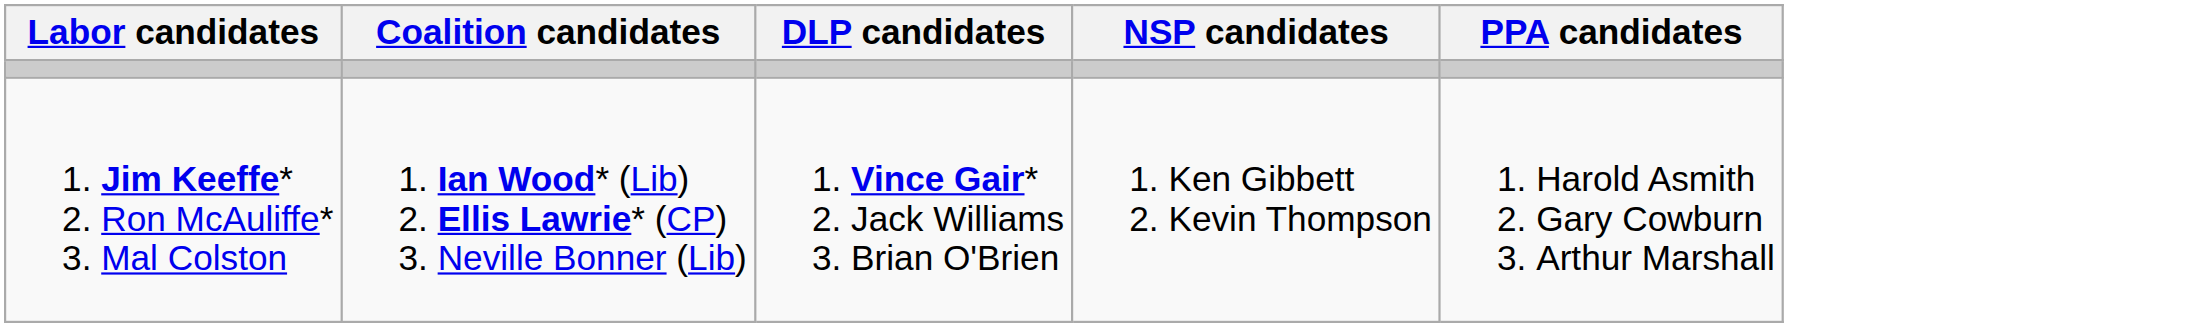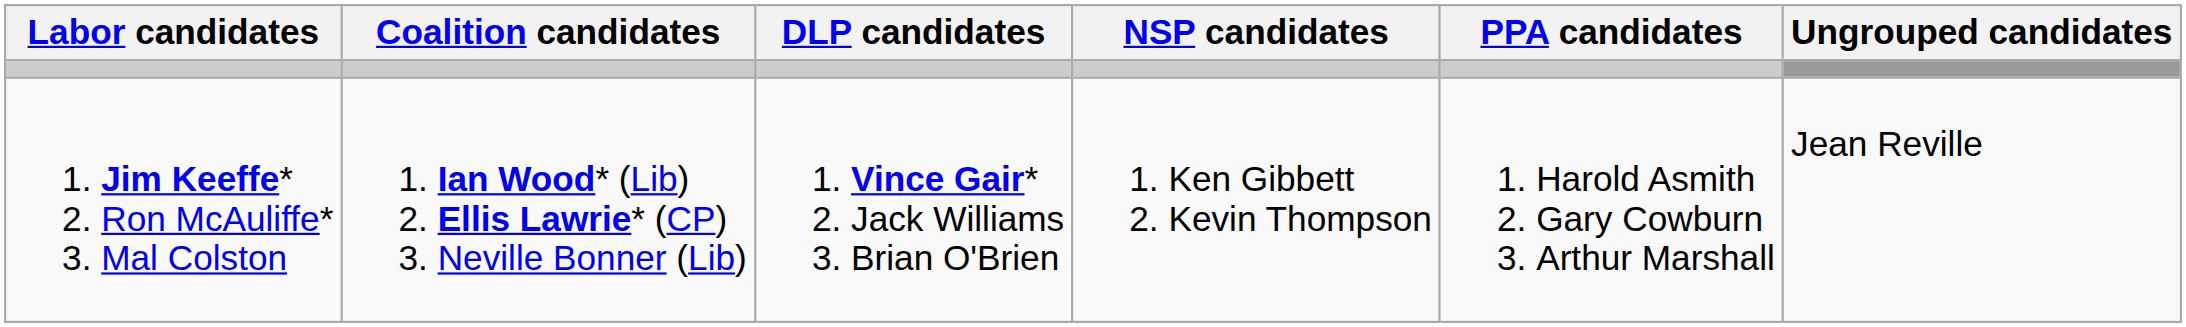 <table class="wikitable">
 <tr>
 <th><a href='#'>Labor</a> candidates</th>
 <th><a href='#'>Coalition</a> candidates</th>
 <th><a href='#'>DLP</a> candidates</th>
 <th><a href='#'>NSP</a> candidates</th>
 <th><a href='#'>PPA</a> candidates</th>
+<th>Ungrouped candidates</th>
 </tr>
 <tr bgcolor="#cccccc">
 <td></td>
 <td></td>
 <td></td>
 <td></td>
 <td></td>
+<td bgcolor="#999999"></td>
 </tr>
 <tr>
 <td><br><ol><li><strong><a href='#'>Jim Keeffe</a></strong>*</li><li><a href='#'>Ron McAuliffe</a>*</li><li><a href='#'>Mal Colston</a></li></ol></td>
 <td><br><ol><li><strong><a href='#'>Ian Wood</a></strong>* (<a href='#'>Lib</a>)</li><li><strong><a href='#'>Ellis Lawrie</a></strong>* (<a href='#'>CP</a>)</li><li><a href='#'>Neville Bonner</a> (<a href='#'>Lib</a>)</li></ol></td>
 <td><br><ol><li><strong><a href='#'>Vince Gair</a></strong>*</li><li>Jack Williams</li><li>Brian O'Brien</li></ol></td>
 <td valign=top><br><ol><li>Ken Gibbett</li><li>Kevin Thompson</li></ol></td>
 <td valign=top><br><ol><li>Harold Asmith</li><li>Gary Cowburn</li><li>Arthur Marshall</li></ol></td>
+<td valign=top><br>Jean Reville</td>
 </tr>
 </table>
